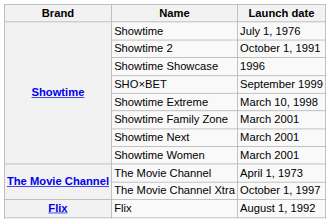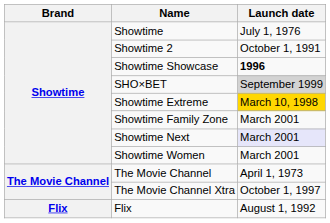 <table class="wikitable sortable">
 <tr>
 <th>Brand</th>
 <th>Name</th>
 <th>Launch date</th>
 </tr>
 <tr>
 <th rowspan="8"><a href='#'>Showtime</a></th>
 <td>Showtime</td>
 <td>July 1, 1976</td>
 </tr>
 <tr>
 <td>Showtime 2</td>
 <td>October 1, 1991</td>
 </tr>
 <tr>
 <td>Showtime Showcase</td>
-<td>1996</td>
+<td><strong>1996</strong></td>
 </tr>
 <tr>
 <td>SHO×BET</td>
-<td>September 1999</td>
+<td style="background: lightgrey;">September 1999</td>
 </tr>
 <tr>
 <td>Showtime Extreme</td>
-<td>March 10, 1998</td>
+<td style="background: gold;">March 10, 1998</td>
 </tr>
 <tr>
 <td>Showtime Family Zone</td>
 <td>March 2001</td>
 </tr>
 <tr>
 <td>Showtime Next</td>
-<td>March 2001</td>
+<td style="background: lavender;">March 2001</td>
 </tr>
 <tr>
 <td>Showtime Women</td>
 <td>March 2001</td>
 </tr>
 <tr>
 <th rowspan="2"><a href='#'>The Movie Channel</a></th>
 <td>The Movie Channel</td>
 <td>April 1, 1973</td>
 </tr>
 <tr>
 <td>The Movie Channel Xtra</td>
 <td>October 1, 1997</td>
 </tr>
 <tr>
 <th><a href='#'>Flix</a></th>
 <td>Flix</td>
 <td>August 1, 1992</td>
 </tr>
 </table>
